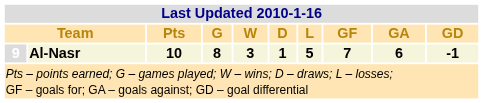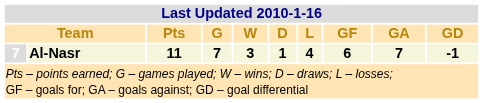 <table width=60%>
 <tr>
 <th colspan="10" bgcolor=#DCDCDC style="color:#00008B;">Last Updated 2010-1-16</th>
 </tr>
 <tr>
 <th colspan="2" bgcolor=#ffe5b4 style="color:#B8860B;">Team</th>
 <th bgcolor=#ffe5b4 align="center" style="color:#B8860B;">Pts</th>
 <th bgcolor=#ffe5b4 align="center" style="color:#B8860B;">G</th>
 <th bgcolor=#ffe5b4 align="center" style="color:#B8860B;">W</th>
 <th bgcolor=#ffe5b4 align="center" style="color:#B8860B;">D</th>
 <th bgcolor=#ffe5b4 align="center" style="color:#B8860B;">L</th>
 <th bgcolor=#ffe5b4 align="center" style="color:#B8860B;">GF</th>
 <th bgcolor=#ffe5b4 align="center" style="color:#B8860B;">GA</th>
 <th bgcolor=#ffe5b4 align="center" style="color:#B8860B;">GD</th>
 </tr>
 <tr>
-<th bgcolor=#DCDCDC align="center" style="color:white;">9</th>
+<th bgcolor=#DCDCDC align="center" style="color:white;">7</th>
 <td bgcolor=#f5f5dc><strong>Al-Nasr</strong></td>
-<td bgcolor=#f5f5dc align="center"><strong>10</strong></td>
-<td bgcolor=#f5f5dc align="center"><strong>8</strong></td>
+<td bgcolor=#f5f5dc align="center"><strong>11</strong></td>
+<td bgcolor=#f5f5dc align="center"><strong>7</strong></td>
 <td bgcolor=#f5f5dc align="center"><strong>3</strong></td>
 <td bgcolor=#f5f5dc align="center"><strong>1</strong></td>
-<td bgcolor=#f5f5dc align="center"><strong>5</strong></td>
+<td bgcolor=#f5f5dc align="center"><strong>4</strong></td>
+<td bgcolor=#f5f5dc align="center"><strong>6</strong></td>
 <td bgcolor=#f5f5dc align="center"><strong>7</strong></td>
-<td bgcolor=#f5f5dc align="center"><strong>6</strong></td>
 <td bgcolor=#f5f5dc align="center"><strong>-1</strong></td>
 </tr>
 <tr bgcolor=#ffe5b4>
 <td colspan="10"><small><em>Pts – points earned; G – games played; W – wins; D – draws; L – losses;<br> </em>GF – goals for; GA – goals against; GD – goal differential</small></td>
 </tr>
 </table>
